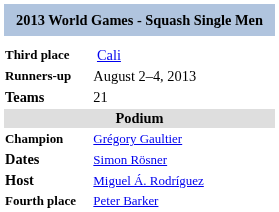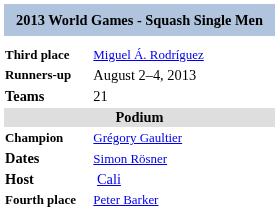 <table class="toccolours" style="float: right; margin: 0 0 1em 1em; font-size: 90%;" width=275px>
 <tr>
 <td colspan="2" style="background: #B0C4DE; text-align: center;" height=30px><strong>2013 World Games -  Squash Single Men</strong></td>
 </tr>
 <tr>
 <td colspan="2" style="text-align: center;"></td>
 </tr>
 <tr style="vertical-align:top;">
 <td colspan=2></td>
 </tr>
 <tr style="vertical-align:top;">
 <td style=font-size:90% width=150> <strong>Third place</strong></td>
-<td> <a href='#'>Cali</a></td>
+<td style=font-size:90% width=500> <a href='#'>Miguel Á. Rodríguez</a></td>
 </tr>
 <tr style="vertical-align:top;">
 <td style=font-size:90% width=150> <strong>Runners-up</strong></td>
 <td>August 2–4, 2013</td>
 </tr>
 <tr style="vertical-align:top;">
 <td width=90><strong>Teams</strong></td>
 <td>21</td>
 </tr>
 <tr>
 <td colspan="2" style="background: #dedede; text-align: center;"><strong>Podium</strong></td>
 </tr>
 <tr style="vertical-align:top;">
 <td style=font-size:90% width=150> <strong>Champion</strong></td>
 <td style=font-size:90% width=500> <a href='#'>Grégory Gaultier</a></td>
 </tr>
 <tr>
 <td><strong>Dates</strong></td>
 <td style=font-size:90% width=500> <a href='#'>Simon Rösner</a></td>
 </tr>
 <tr>
 <td><strong>Host</strong></td>
-<td style=font-size:90% width=500> <a href='#'>Miguel Á. Rodríguez</a></td>
+<td> <a href='#'>Cali</a></td>
 </tr>
 <tr>
 <td style=font-size:90% width=150><strong>Fourth place</strong></td>
 <td style=font-size:90% width=500> <a href='#'>Peter Barker</a></td>
 </tr>
 </table>
